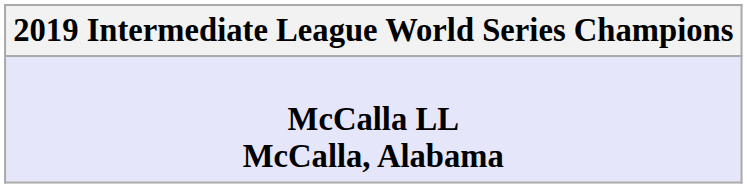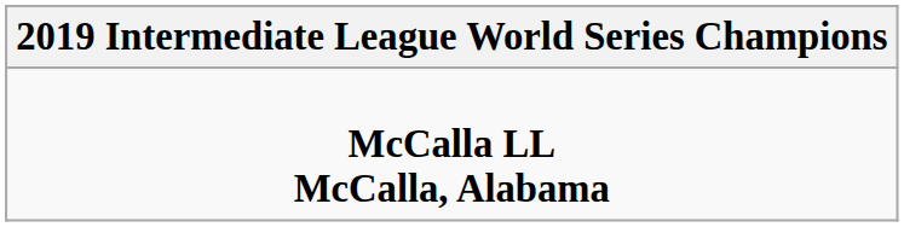 <table class="wikitable" style="text-align: center; margin: 0 auto;">
 <tr>
 <th>2019 Intermediate League World Series Champions</th>
 </tr>
 <tr>
-<td style="background: lavender;"><br><strong>McCalla LL</strong><br><strong>McCalla, Alabama</strong></td>
+<td><br><strong>McCalla LL</strong><br><strong>McCalla, Alabama</strong></td>
 </tr>
 </table>
